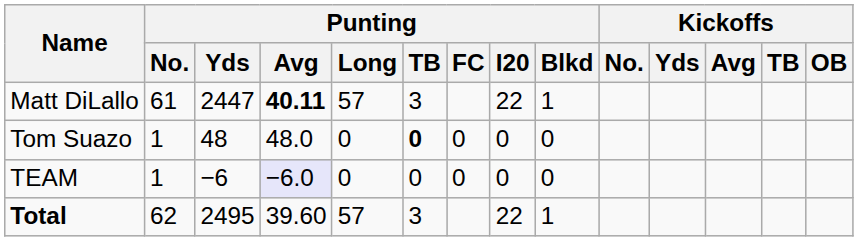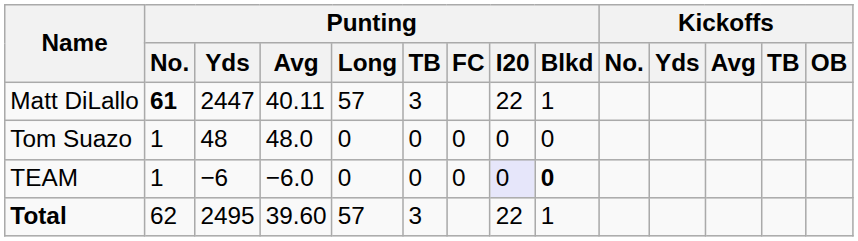 <table class="wikitable" style="white-space:nowrap;">
 <tr>
 <th rowspan="2">Name</th>
 <th colspan="8">Punting</th>
 <th colspan="5">Kickoffs</th>
 </tr>
 <tr>
 <th>No.</th>
 <th>Yds</th>
 <th>Avg</th>
 <th>Long</th>
 <th>TB</th>
 <th>FC</th>
 <th>I20</th>
 <th>Blkd</th>
 <th>No.</th>
 <th>Yds</th>
 <th>Avg</th>
 <th>TB</th>
 <th>OB</th>
 </tr>
 <tr>
 <td>Matt DiLallo</td>
-<td>61</td>
+<td><strong>61</strong></td>
 <td>2447</td>
-<td><strong>40.11</strong></td>
+<td>40.11</td>
 <td>57</td>
 <td>3</td>
 <td></td>
 <td>22</td>
 <td>1</td>
 <td></td>
 <td></td>
 <td></td>
 <td></td>
 <td></td>
 </tr>
 <tr>
 <td>Tom Suazo</td>
 <td>1</td>
 <td>48</td>
 <td>48.0</td>
 <td>0</td>
-<td><strong>0</strong></td>
+<td>0</td>
 <td>0</td>
 <td>0</td>
 <td>0</td>
 <td></td>
 <td></td>
 <td></td>
 <td></td>
 <td></td>
 </tr>
 <tr>
 <td>TEAM</td>
 <td>1</td>
 <td>−6</td>
-<td style="background: lavender;">−6.0</td>
+<td>−6.0</td>
 <td>0</td>
 <td>0</td>
 <td>0</td>
-<td>0</td>
-<td>0</td>
+<td style="background: lavender;">0</td>
+<td><strong>0</strong></td>
 <td></td>
 <td></td>
 <td></td>
 <td></td>
 <td></td>
 </tr>
 <tr>
 <td><strong>Total</strong></td>
 <td>62</td>
 <td>2495</td>
 <td>39.60</td>
 <td>57</td>
 <td>3</td>
 <td></td>
 <td>22</td>
 <td>1</td>
 <td></td>
 <td></td>
 <td></td>
 <td></td>
 <td></td>
 </tr>
 </table>
